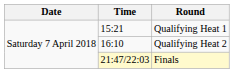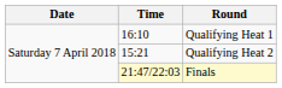 <table class="wikitable">
 <tr>
 <th>Date</th>
 <th>Time</th>
 <th>Round</th>
 </tr>
 <tr>
 <td rowspan=3>Saturday 7 April 2018</td>
-<td>15:21</td>
+<td>16:10</td>
 <td>Qualifying Heat 1</td>
 </tr>
 <tr>
-<td>16:10</td>
+<td>15:21</td>
 <td>Qualifying Heat 2</td>
 </tr>
 <tr>
 <td style=background:lemonchiffon>21:47/22:03</td>
 <td style=background:lemonchiffon>Finals</td>
 </tr>
 </table>
